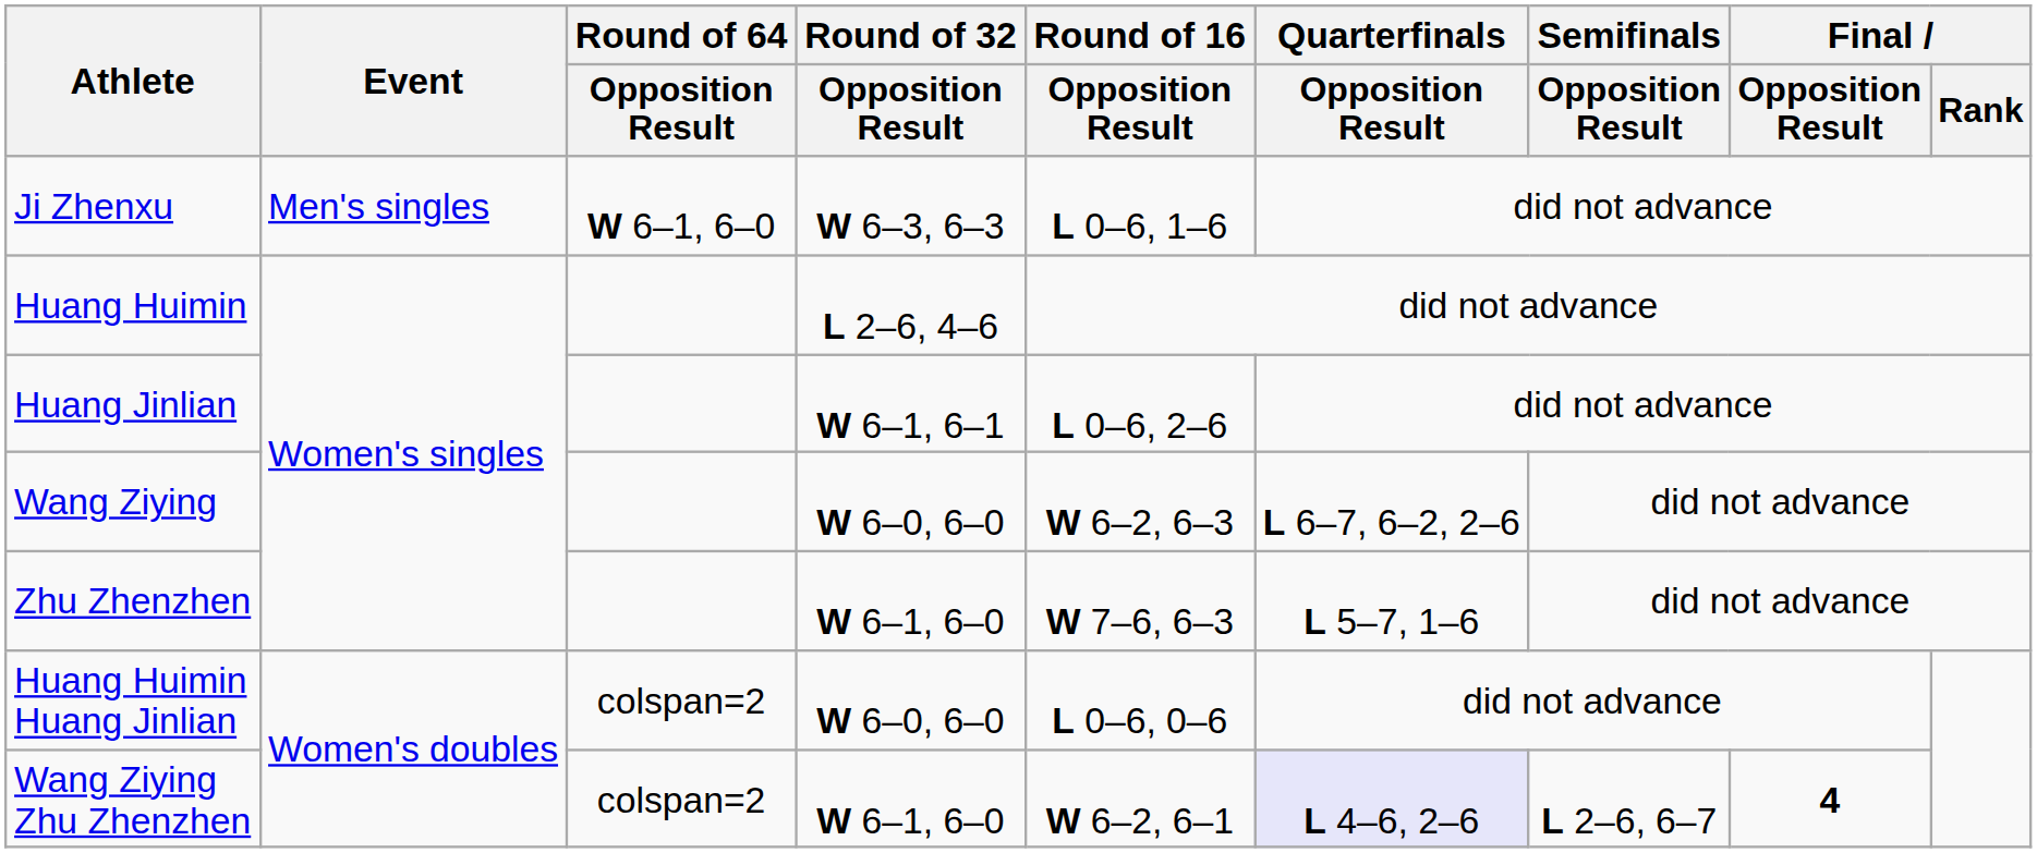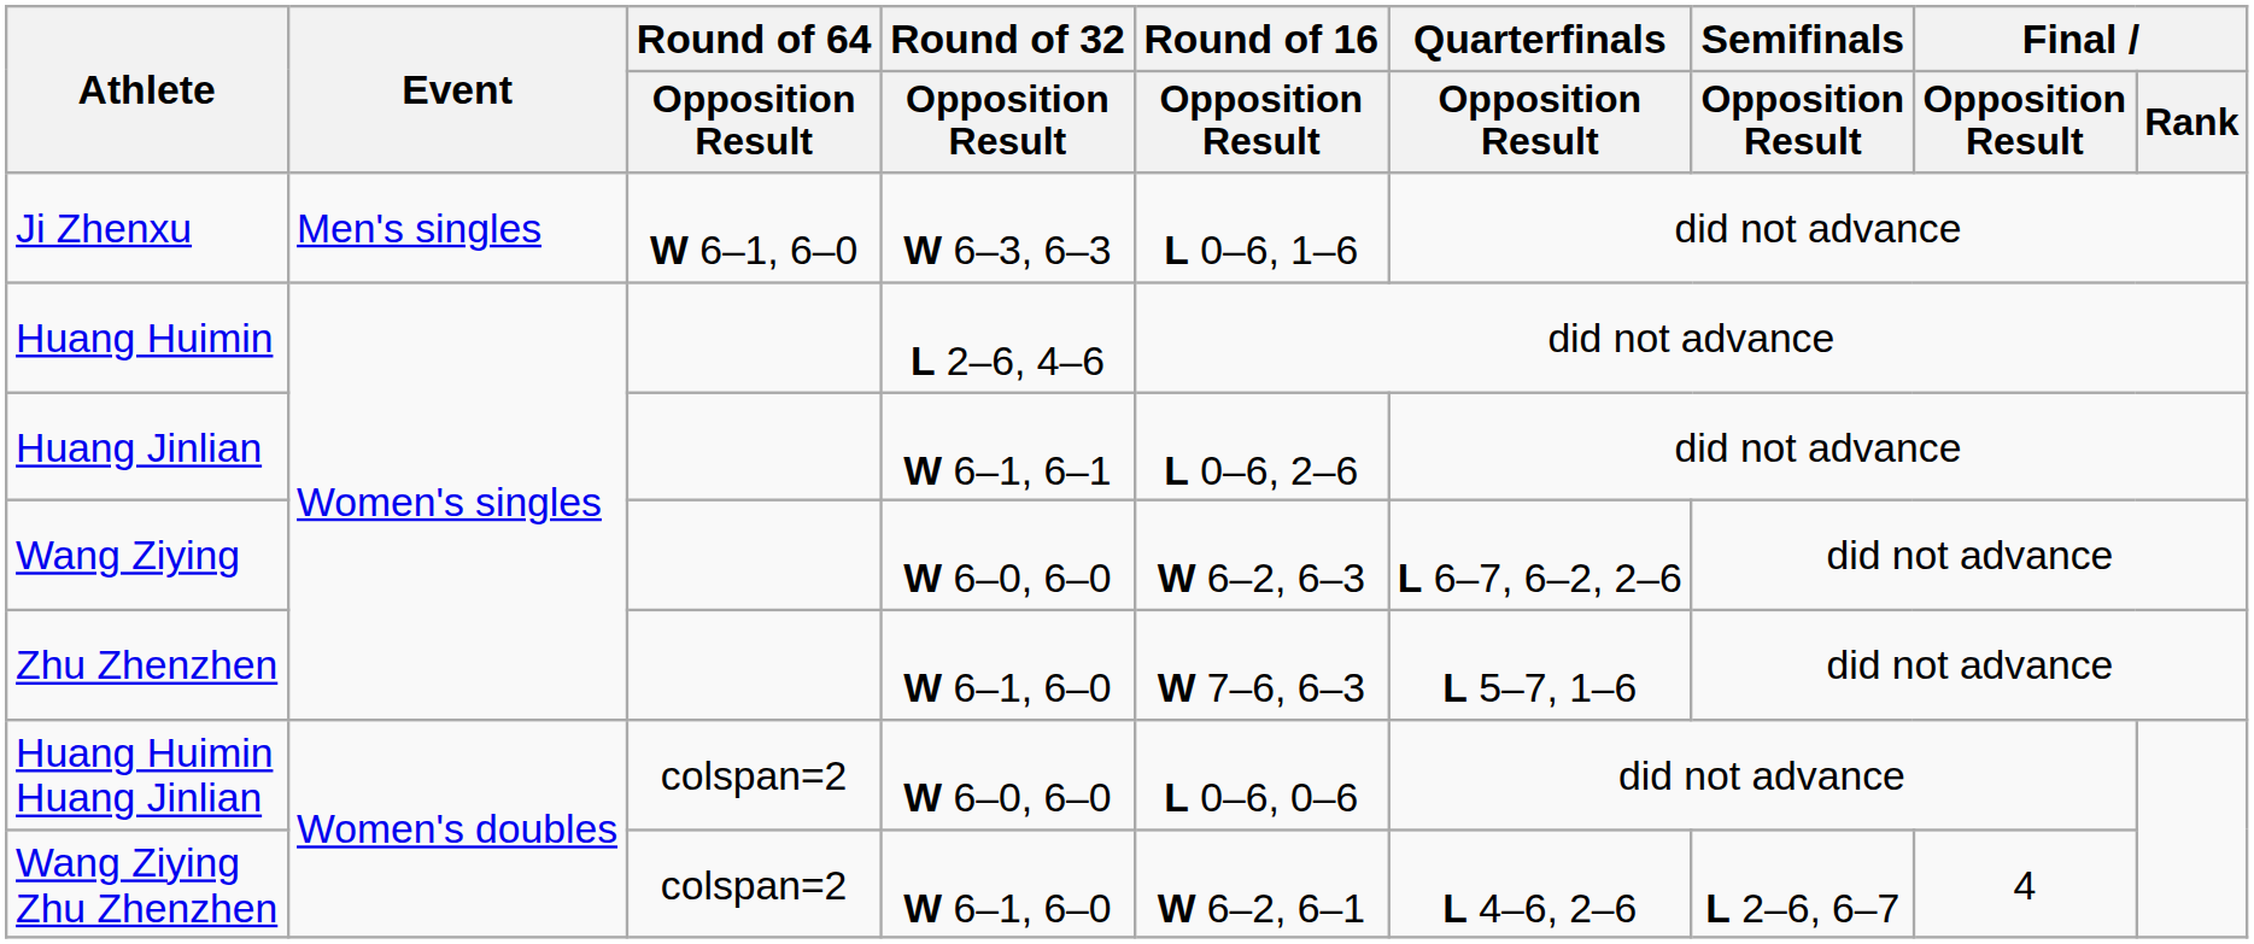 <table class="wikitable" style="font-size:90%;">
 <tr>
 <th rowspan=2>Athlete</th>
 <th rowspan=2>Event</th>
 <th>Round of 64</th>
 <th>Round of 32</th>
 <th>Round of 16</th>
 <th>Quarterfinals</th>
 <th>Semifinals</th>
 <th colspan=2>Final / </th>
 </tr>
 <tr style="font-size:95%">
 <th>Opposition<br>Result</th>
 <th>Opposition<br>Result</th>
 <th>Opposition<br>Result</th>
 <th>Opposition<br>Result</th>
 <th>Opposition<br>Result</th>
 <th>Opposition<br>Result</th>
 <th>Rank</th>
 </tr>
 <tr align=center>
 <td align=left><a href='#'>Ji Zhenxu</a></td>
 <td align=left><a href='#'>Men's singles</a></td>
 <td><br><strong>W</strong> 6–1, 6–0</td>
 <td><br><strong>W</strong> 6–3, 6–3</td>
 <td><br><strong>L</strong> 0–6, 1–6</td>
 <td colspan=4>did not advance</td>
 </tr>
 <tr align=center>
 <td align=left><a href='#'>Huang Huimin</a></td>
 <td rowspan=4 align=left><a href='#'>Women's singles</a></td>
 <td></td>
 <td><br><strong>L</strong> 2–6, 4–6</td>
 <td colspan=5>did not advance</td>
 </tr>
 <tr align=center>
 <td align=left><a href='#'>Huang Jinlian</a></td>
 <td></td>
 <td><br><strong>W</strong> 6–1, 6–1</td>
 <td><br><strong>L</strong> 0–6, 2–6</td>
 <td colspan=4>did not advance</td>
 </tr>
 <tr align=center>
 <td align=left><a href='#'>Wang Ziying</a></td>
 <td></td>
 <td><br><strong>W</strong> 6–0, 6–0</td>
 <td><br><strong>W</strong> 6–2, 6–3</td>
 <td><br><strong>L</strong> 6–7, 6–2, 2–6</td>
 <td colspan=3>did not advance</td>
 </tr>
 <tr align=center>
 <td align=left><a href='#'>Zhu Zhenzhen</a></td>
 <td></td>
 <td><br><strong>W</strong> 6–1, 6–0</td>
 <td><br><strong>W</strong> 7–6, 6–3</td>
 <td><br><strong>L</strong> 5–7, 1–6</td>
 <td colspan=3>did not advance</td>
 </tr>
 <tr align=center>
 <td align=left><a href='#'>Huang Huimin</a><br><a href='#'>Huang Jinlian</a></td>
 <td rowspan=2 align=left><a href='#'>Women's doubles</a></td>
 <td>colspan=2 </td>
 <td><br><strong>W</strong> 6–0, 6–0</td>
 <td><br><strong>L</strong> 0–6, 0–6</td>
 <td colspan=3>did not advance</td>
 </tr>
 <tr align=center>
 <td align=left><a href='#'>Wang Ziying</a><br><a href='#'>Zhu Zhenzhen</a></td>
 <td>colspan=2 </td>
 <td><br><strong>W</strong> 6–1, 6–0</td>
 <td><br><strong>W</strong> 6–2, 6–1</td>
-<td style="background: lavender;"><br><strong>L</strong> 4–6, 2–6</td>
+<td><br><strong>L</strong> 4–6, 2–6</td>
 <td><br><strong>L</strong> 2–6, 6–7</td>
-<td><strong>4</strong></td>
+<td>4</td>
 </tr>
 </table>
